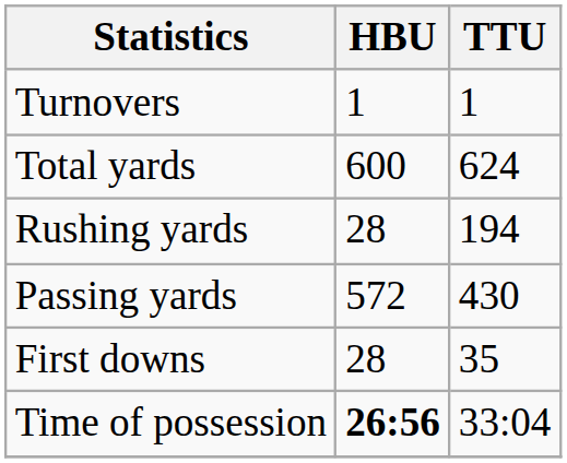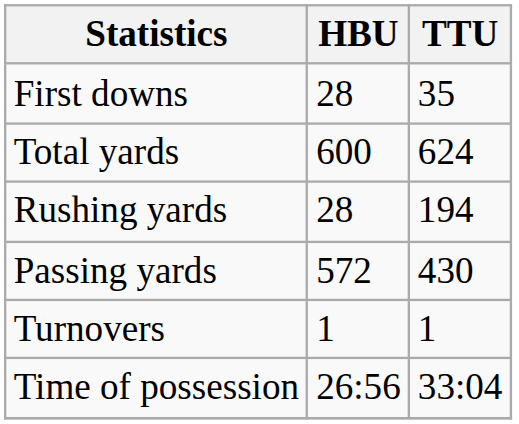 <table class="wikitable" style="float: left;">
 <tr>
 <th>Statistics</th>
 <th>HBU</th>
 <th>TTU</th>
 </tr>
 <tr>
-<td>Turnovers</td>
-<td>1</td>
-<td>1</td>
+<td>First downs</td>
+<td>28</td>
+<td>35</td>
 </tr>
 <tr>
 <td>Total yards</td>
 <td>600</td>
 <td>624</td>
 </tr>
 <tr>
 <td>Rushing yards</td>
 <td>28</td>
 <td>194</td>
 </tr>
 <tr>
 <td>Passing yards</td>
 <td>572</td>
 <td>430</td>
 </tr>
 <tr>
-<td>First downs</td>
-<td>28</td>
-<td>35</td>
+<td>Turnovers</td>
+<td>1</td>
+<td>1</td>
 </tr>
 <tr>
 <td>Time of possession</td>
-<td><strong>26:56</strong></td>
+<td>26:56</td>
 <td>33:04</td>
 </tr>
 <tr>
 </tr>
 </table>
